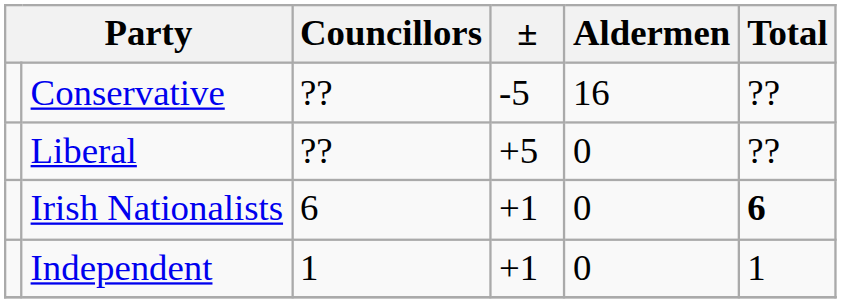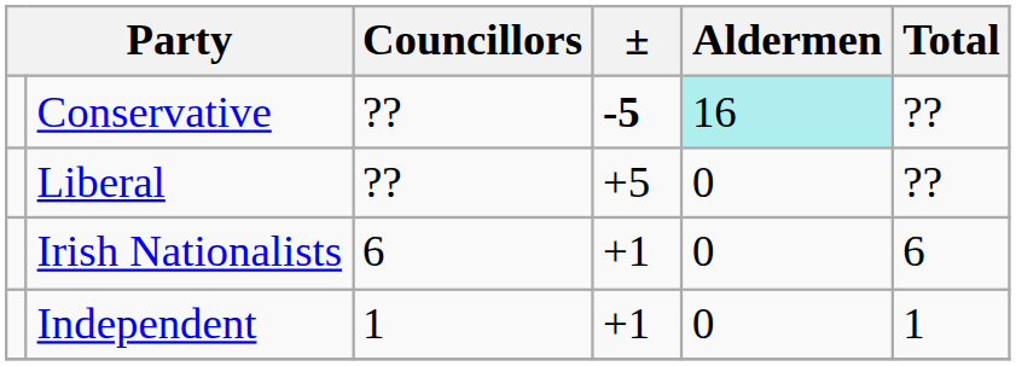 <table class="wikitable">
 <tr>
 <th colspan="2">Party</th>
 <th>Councillors</th>
 <th>  ±  </th>
 <th>Aldermen</th>
 <th>Total</th>
 </tr>
 <tr>
 <td style="background-color: "></td>
 <td><a href='#'>Conservative</a></td>
 <td>??</td>
-<td>-5</td>
-<td>16</td>
+<td><strong>-5</strong></td>
+<td style="background: paleturquoise;">16</td>
 <td>??</td>
 </tr>
 <tr>
 <td style="background-color: "></td>
 <td><a href='#'>Liberal</a></td>
 <td>??</td>
 <td>+5</td>
 <td>0</td>
 <td>??</td>
 </tr>
 <tr>
 <td style="background-color: "></td>
 <td><a href='#'>Irish Nationalists</a></td>
 <td>6</td>
 <td>+1</td>
 <td>0</td>
-<td><strong>6</strong></td>
+<td>6</td>
 </tr>
 <tr>
 <td style="background-color: "></td>
 <td><a href='#'>Independent</a></td>
 <td>1</td>
 <td>+1</td>
 <td>0</td>
 <td>1</td>
 </tr>
 <tr>
 </tr>
 </table>
